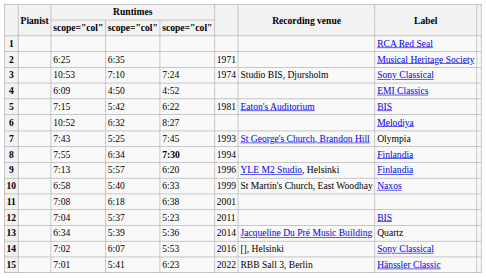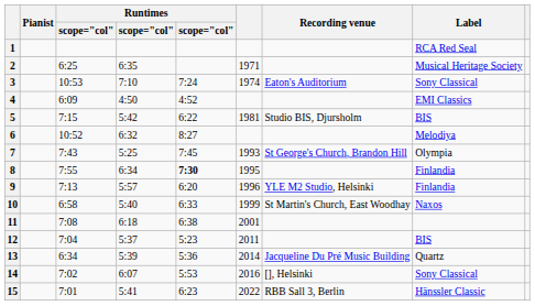 <table class="wikitable sortable" style="margin-right:0; font-size:95%">
 <tr>
 <th rowspan=2 scope="col"></th>
 <th rowspan=2 scope=col>Pianist</th>
 <th colspan=3 scope=col>Runtimes</th>
 <th rowspan=2 scope=col></th>
 <th rowspan=2 scope=col>Recording venue</th>
 <th rowspan=2 scope=col>Label</th>
 <th rowspan=2 scope=col class="unsortable"></th>
 </tr>
 <tr>
 <th>scope="col" </th>
 <th>scope="col" </th>
 <th>scope="col" </th>
 </tr>
 <tr>
 <th scope="row">1</th>
 <td></td>
 <td></td>
 <td></td>
 <td></td>
 <td></td>
 <td></td>
 <td><a href='#'>RCA Red Seal</a></td>
 <td></td>
 </tr>
 <tr>
 <th scope="row">2</th>
 <td></td>
 <td>6:25</td>
 <td>6:35</td>
 <td></td>
 <td>1971</td>
 <td></td>
 <td><a href='#'>Musical Heritage Society</a></td>
 <td></td>
 </tr>
 <tr>
 <th scope="row">3</th>
 <td></td>
 <td>10:53</td>
 <td>7:10</td>
 <td>7:24</td>
 <td>1974</td>
-<td>Studio BIS, Djursholm</td>
+<td><a href='#'>Eaton's Auditorium</a></td>
 <td><a href='#'>Sony Classical</a></td>
 <td></td>
 </tr>
 <tr>
 <th scope="row">4</th>
 <td></td>
 <td>6:09</td>
 <td>4:50</td>
 <td>4:52</td>
 <td></td>
 <td></td>
 <td><a href='#'>EMI Classics</a></td>
 <td></td>
 </tr>
 <tr>
 <th scope="row">5</th>
 <td></td>
 <td>7:15</td>
 <td>5:42</td>
 <td>6:22</td>
 <td>1981</td>
-<td><a href='#'>Eaton's Auditorium</a></td>
+<td>Studio BIS, Djursholm</td>
 <td><a href='#'>BIS</a></td>
 <td></td>
 </tr>
 <tr>
 <th scope="row">6</th>
 <td></td>
 <td>10:52</td>
 <td>6:32</td>
 <td>8:27</td>
 <td></td>
 <td></td>
 <td><a href='#'>Melodiya</a></td>
 <td></td>
 </tr>
 <tr>
 <th scope="row">7</th>
 <td></td>
 <td>7:43</td>
 <td>5:25</td>
 <td>7:45</td>
 <td>1993</td>
 <td><a href='#'>St George's Church, Brandon Hill</a></td>
 <td>Olympia</td>
 <td></td>
 </tr>
 <tr>
 <th scope="row">8</th>
 <td></td>
 <td>7:55</td>
 <td>6:34</td>
 <td><strong>7:30</strong></td>
-<td>1994</td>
+<td>1995</td>
 <td></td>
 <td><a href='#'>Finlandia</a></td>
 <td></td>
 </tr>
 <tr>
 <th scope="row">9</th>
 <td></td>
 <td>7:13</td>
 <td>5:57</td>
 <td>6:20</td>
 <td>1996</td>
 <td><a href='#'>YLE M2 Studio</a>, Helsinki</td>
 <td><a href='#'>Finlandia</a></td>
 <td></td>
 </tr>
 <tr>
 <th scope="row">10</th>
 <td></td>
 <td>6:58</td>
 <td>5:40</td>
 <td>6:33</td>
 <td>1999</td>
 <td>St Martin's Church, East Woodhay</td>
 <td><a href='#'>Naxos</a></td>
 <td></td>
 </tr>
 <tr>
 <th scope="row">11</th>
 <td></td>
 <td>7:08</td>
 <td>6:18</td>
 <td>6:38</td>
 <td>2001</td>
 <td></td>
 <td></td>
 <td></td>
 </tr>
 <tr>
 <th scope="row">12</th>
 <td></td>
 <td>7:04</td>
 <td>5:37</td>
 <td>5:23</td>
 <td>2011</td>
 <td></td>
 <td><a href='#'>BIS</a></td>
 <td></td>
 </tr>
 <tr>
 <th scope="row">13</th>
 <td></td>
 <td>6:34</td>
 <td>5:39</td>
 <td>5:36</td>
 <td>2014</td>
 <td><a href='#'>Jacqueline Du Pré Music Building</a></td>
 <td>Quartz</td>
 <td></td>
 </tr>
 <tr>
 <th scope="row">14</th>
 <td></td>
 <td>7:02</td>
 <td>6:07</td>
 <td>5:53</td>
 <td>2016</td>
 <td>[], Helsinki</td>
 <td><a href='#'>Sony Classical</a></td>
 <td></td>
 </tr>
 <tr>
 <th scope="row">15</th>
 <td></td>
 <td>7:01</td>
 <td>5:41</td>
 <td>6:23</td>
 <td>2022</td>
 <td>RBB Sall 3, Berlin</td>
 <td><a href='#'>Hänssler Classic</a></td>
 <td></td>
 </tr>
 </table>
